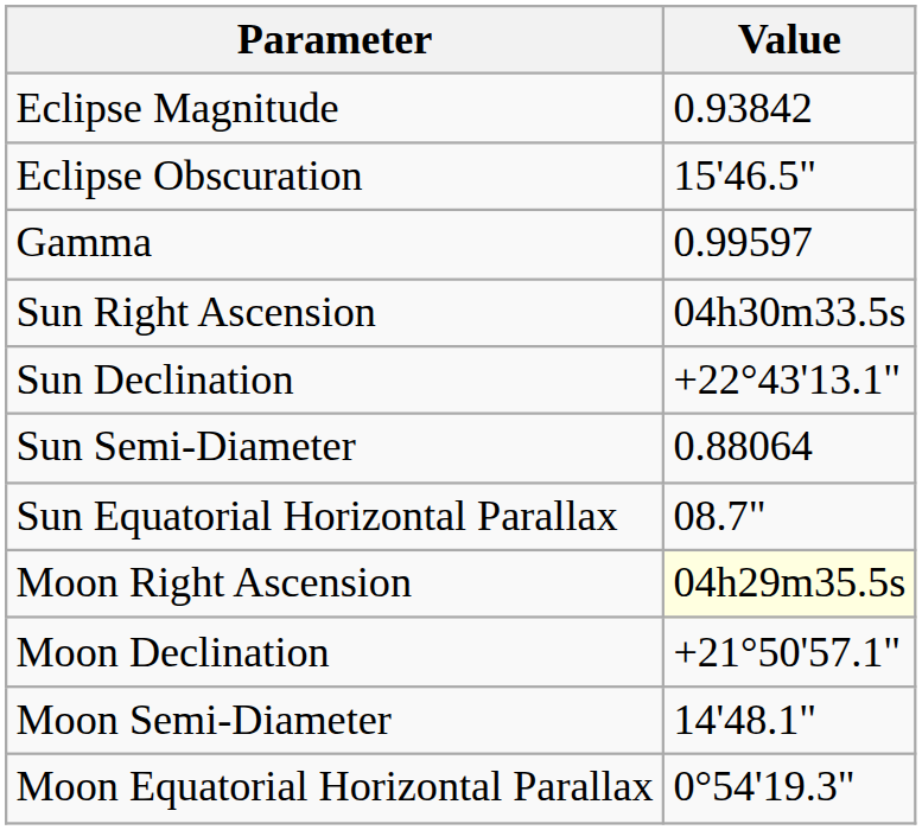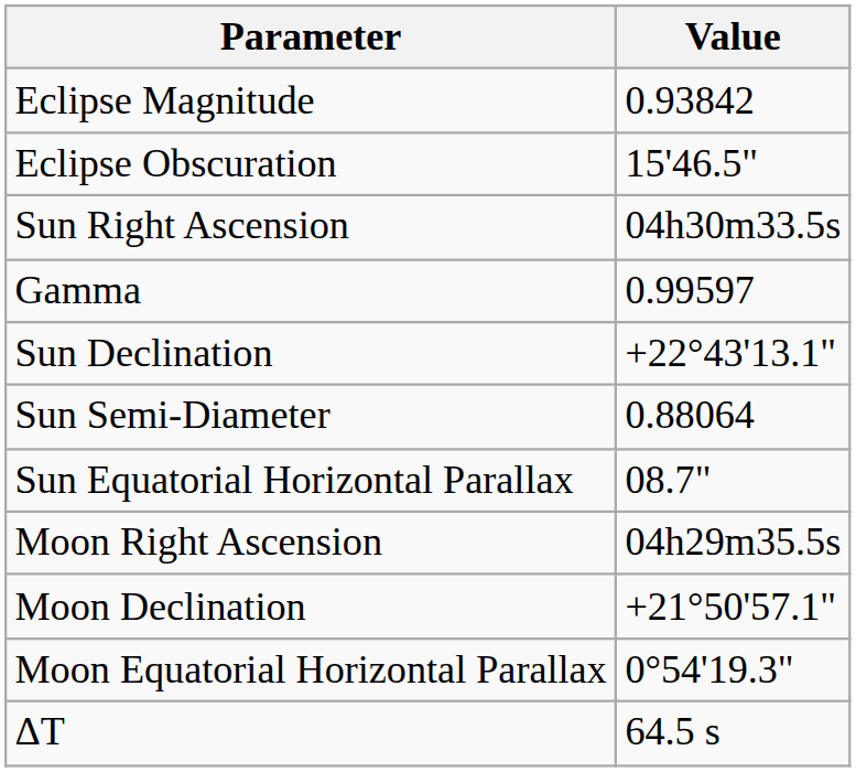 <table class="wikitable">
 <tr>
 <th>Parameter</th>
 <th>Value</th>
 </tr>
 <tr>
 <td>Eclipse Magnitude</td>
 <td>0.93842</td>
 </tr>
 <tr>
 <td>Eclipse Obscuration</td>
 <td>15'46.5"</td>
 </tr>
 <tr>
+<td>Sun Right Ascension</td>
+<td>04h30m33.5s</td>
+</tr>
+<tr>
 <td>Gamma</td>
 <td>0.99597</td>
-</tr>
-<tr>
-<td>Sun Right Ascension</td>
-<td>04h30m33.5s</td>
 </tr>
 <tr>
 <td>Sun Declination</td>
 <td>+22°43'13.1"</td>
 </tr>
 <tr>
 <td>Sun Semi-Diameter</td>
 <td>0.88064</td>
 </tr>
 <tr>
 <td>Sun Equatorial Horizontal Parallax</td>
 <td>08.7"</td>
 </tr>
 <tr>
 <td>Moon Right Ascension</td>
-<td style="background: lightyellow;">04h29m35.5s</td>
+<td>04h29m35.5s</td>
 </tr>
 <tr>
 <td>Moon Declination</td>
 <td>+21°50'57.1"</td>
 </tr>
 <tr>
-<td>Moon Semi-Diameter</td>
-<td>14'48.1"</td>
-</tr>
-<tr>
 <td>Moon Equatorial Horizontal Parallax</td>
 <td>0°54'19.3"</td>
 </tr>
+<tr>
+<td>ΔT</td>
+<td>64.5 s</td>
+</tr>
 </table>
